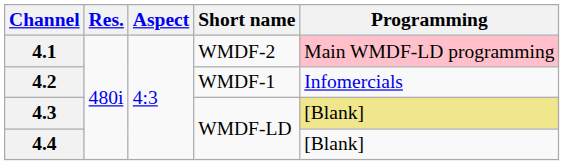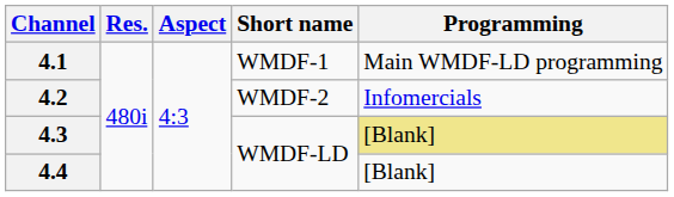 <table class="wikitable">
 <tr>
 <th><a href='#'>Channel</a></th>
 <th><a href='#'>Res.</a></th>
 <th><a href='#'>Aspect</a></th>
 <th>Short name</th>
 <th>Programming</th>
 </tr>
 <tr>
 <th scope = "row">4.1</th>
 <td rowspan="4"><a href='#'>480i</a></td>
 <td rowspan="4"><a href='#'>4:3</a></td>
-<td>WMDF-2</td>
-<td style="background: pink;">Main WMDF-LD programming</td>
+<td>WMDF-1</td>
+<td>Main WMDF-LD programming</td>
 </tr>
 <tr>
 <th scope = "row">4.2</th>
-<td>WMDF-1</td>
+<td>WMDF-2</td>
 <td><a href='#'>Infomercials</a></td>
 </tr>
 <tr>
 <th scope = "row">4.3</th>
 <td rowspan="2">WMDF-LD</td>
 <td style="background: khaki;">[Blank]</td>
 </tr>
 <tr>
 <th scope = "row">4.4</th>
 <td>[Blank]</td>
 </tr>
 </table>
